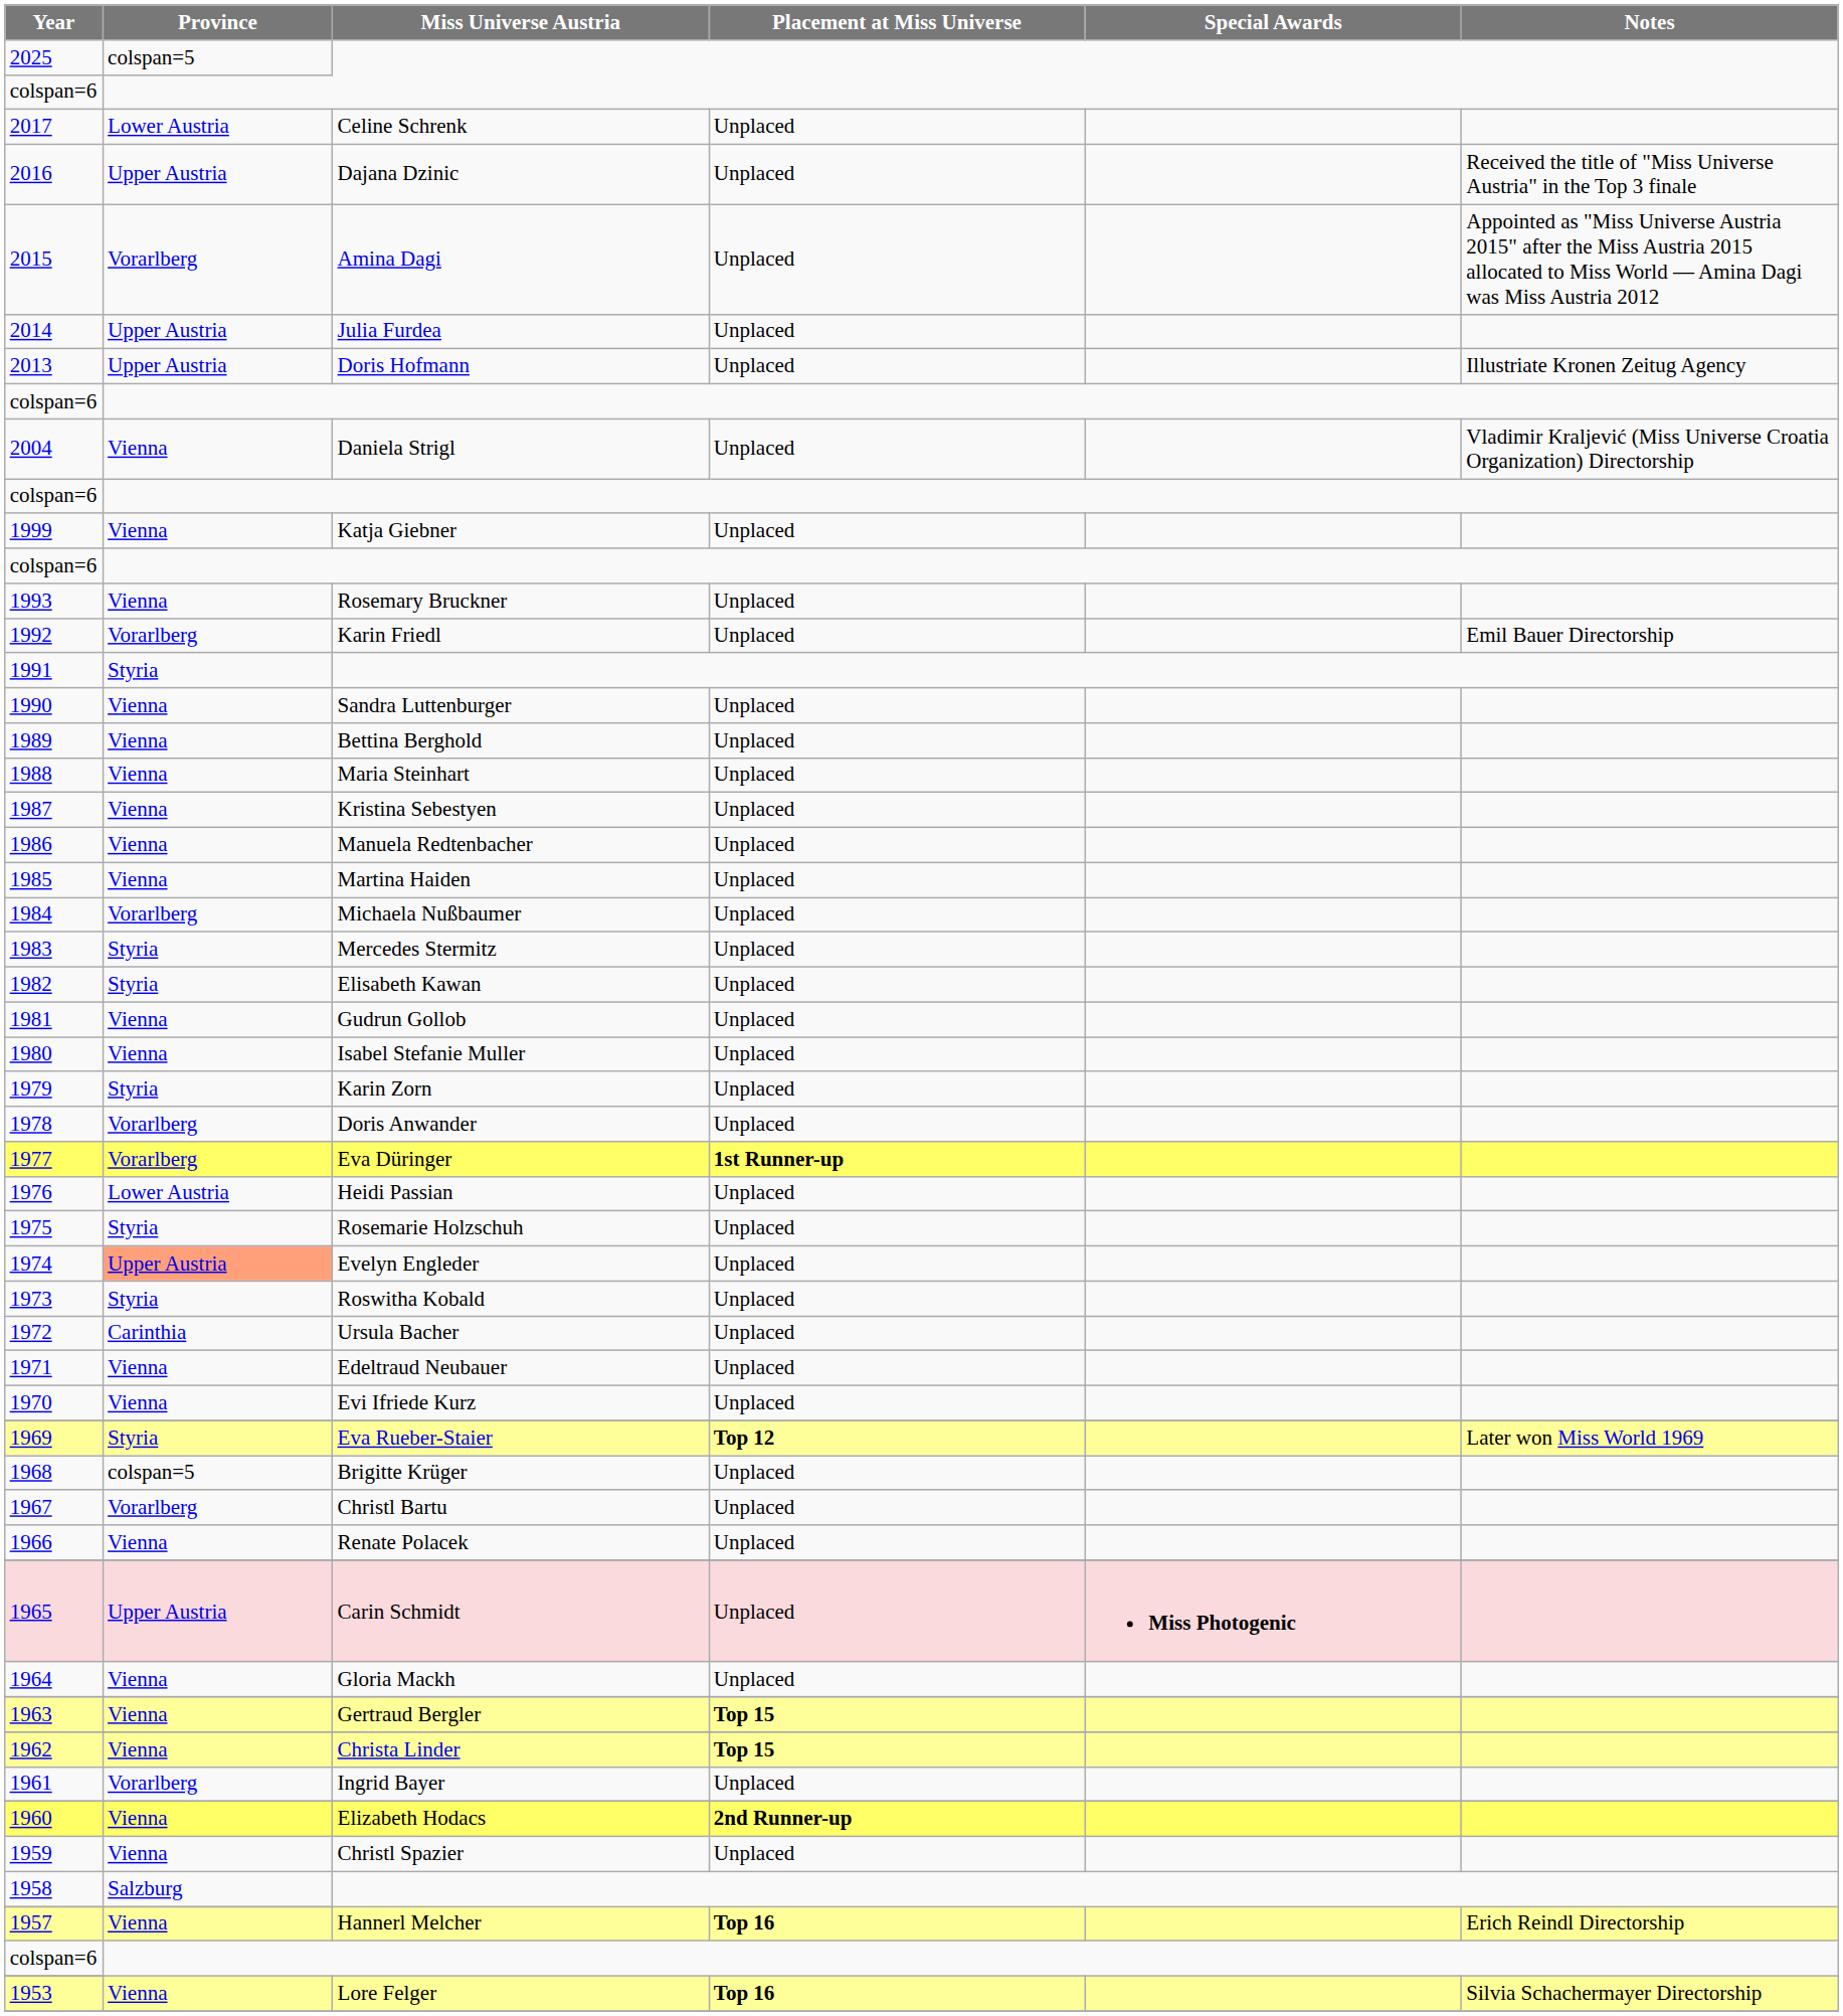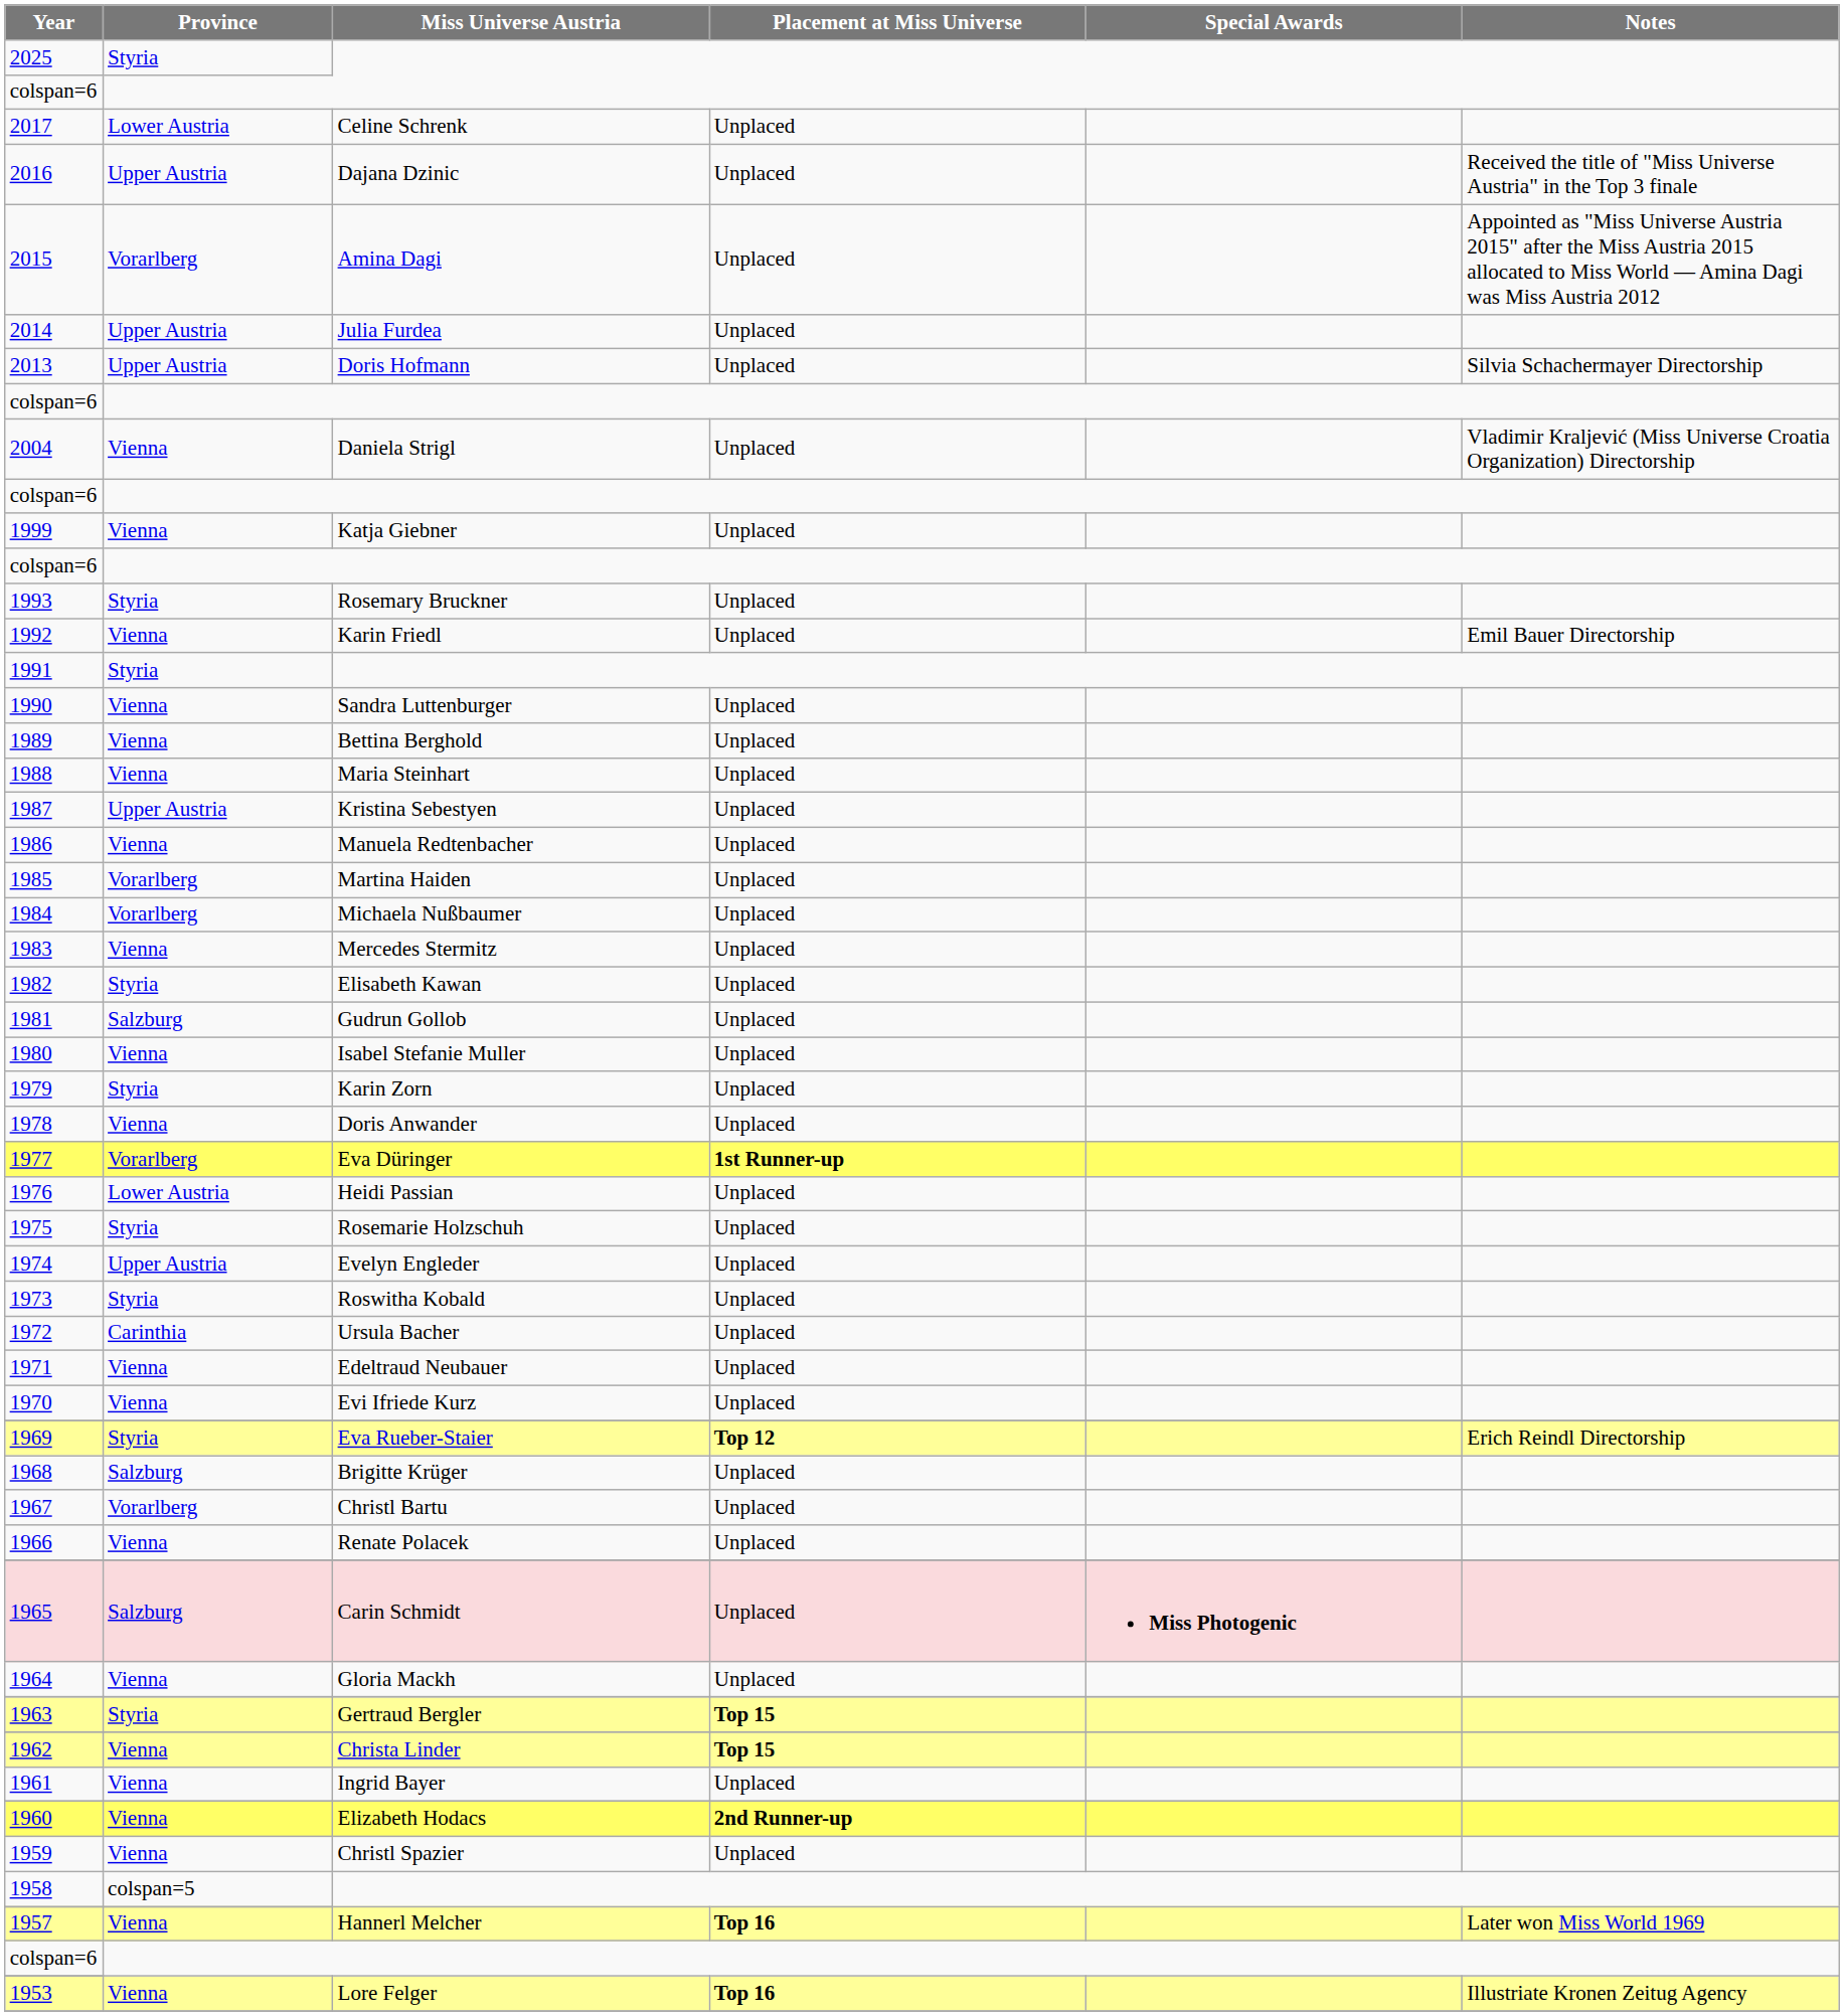 <table class="wikitable " style="font-size: 90%;">
 <tr>
 <th width="60" style="background-color:#787878;color:#FFFFFF;">Year</th>
 <th width="150" style="background-color:#787878;color:#FFFFFF;">Province</th>
 <th width="250" style="background-color:#787878;color:#FFFFFF;">Miss Universe Austria</th>
 <th width="250" style="background-color:#787878;color:#FFFFFF;">Placement at Miss Universe</th>
 <th width="250" style="background-color:#787878;color:#FFFFFF;">Special Awards</th>
 <th width="250" style="background-color:#787878;color:#FFFFFF;">Notes</th>
 </tr>
 <tr>
 <td><a href='#'>2025</a></td>
-<td>colspan=5 </td>
+<td><a href='#'>Styria</a></td>
 </tr>
 <tr>
 <td>colspan=6 </td>
 </tr>
 <tr>
 <td><a href='#'>2017</a></td>
 <td><a href='#'>Lower Austria</a></td>
 <td>Celine Schrenk</td>
 <td>Unplaced</td>
 <td></td>
 <td></td>
 </tr>
 <tr>
 <td><a href='#'>2016</a></td>
 <td><a href='#'>Upper Austria</a></td>
 <td>Dajana Dzinic</td>
 <td>Unplaced</td>
 <td></td>
 <td>Received the title of "Miss Universe Austria" in the Top 3 finale</td>
 </tr>
 <tr>
 <td><a href='#'>2015</a></td>
 <td><a href='#'>Vorarlberg</a></td>
 <td><a href='#'>Amina Dagi</a></td>
 <td>Unplaced</td>
 <td></td>
 <td>Appointed as "Miss Universe Austria 2015" after the Miss Austria 2015 allocated to Miss World — Amina Dagi was Miss Austria 2012</td>
 </tr>
 <tr>
 <td><a href='#'>2014</a></td>
 <td><a href='#'>Upper Austria</a></td>
 <td><a href='#'>Julia Furdea</a></td>
 <td>Unplaced</td>
 <td></td>
 <td></td>
 </tr>
 <tr>
 <td><a href='#'>2013</a></td>
 <td><a href='#'>Upper Austria</a></td>
 <td><a href='#'>Doris Hofmann</a></td>
 <td>Unplaced</td>
 <td></td>
-<td>Illustriate Kronen Zeitug Agency</td>
+<td>Silvia Schachermayer Directorship</td>
 </tr>
 <tr>
 <td>colspan=6 </td>
 </tr>
 <tr>
 <td><a href='#'>2004</a></td>
 <td><a href='#'>Vienna</a></td>
 <td>Daniela Strigl</td>
 <td>Unplaced</td>
 <td></td>
 <td>Vladimir Kraljević (Miss Universe Croatia Organization) Directorship</td>
 </tr>
 <tr>
 <td>colspan=6 </td>
 </tr>
 <tr>
 <td><a href='#'>1999</a></td>
 <td><a href='#'>Vienna</a></td>
 <td>Katja Giebner</td>
 <td>Unplaced</td>
 <td></td>
 <td></td>
 </tr>
 <tr>
 <td>colspan=6 </td>
 </tr>
 <tr>
 <td><a href='#'>1993</a></td>
-<td><a href='#'>Vienna</a></td>
+<td><a href='#'>Styria</a></td>
 <td>Rosemary Bruckner</td>
 <td>Unplaced</td>
 <td></td>
 <td></td>
 </tr>
 <tr>
 <td><a href='#'>1992</a></td>
-<td><a href='#'>Vorarlberg</a></td>
+<td><a href='#'>Vienna</a></td>
 <td>Karin Friedl</td>
 <td>Unplaced</td>
 <td></td>
 <td>Emil Bauer Directorship</td>
 </tr>
 <tr>
 <td><a href='#'>1991</a></td>
 <td><a href='#'>Styria</a></td>
 </tr>
 <tr>
 <td><a href='#'>1990</a></td>
 <td><a href='#'>Vienna</a></td>
 <td>Sandra Luttenburger</td>
 <td>Unplaced</td>
 <td></td>
 <td></td>
 </tr>
 <tr>
 <td><a href='#'>1989</a></td>
 <td><a href='#'>Vienna</a></td>
 <td>Bettina Berghold</td>
 <td>Unplaced</td>
 <td></td>
 <td></td>
 </tr>
 <tr>
 <td><a href='#'>1988</a></td>
 <td><a href='#'>Vienna</a></td>
 <td>Maria Steinhart</td>
 <td>Unplaced</td>
 <td></td>
 <td></td>
 </tr>
 <tr>
 <td><a href='#'>1987</a></td>
-<td><a href='#'>Vienna</a></td>
+<td><a href='#'>Upper Austria</a></td>
 <td>Kristina Sebestyen</td>
 <td>Unplaced</td>
 <td></td>
 <td></td>
 </tr>
 <tr>
 <td><a href='#'>1986</a></td>
 <td><a href='#'>Vienna</a></td>
 <td>Manuela Redtenbacher</td>
 <td>Unplaced</td>
 <td></td>
 <td></td>
 </tr>
 <tr>
 <td><a href='#'>1985</a></td>
-<td><a href='#'>Vienna</a></td>
+<td><a href='#'>Vorarlberg</a></td>
 <td>Martina Haiden</td>
 <td>Unplaced</td>
 <td></td>
 <td></td>
 </tr>
 <tr>
 <td><a href='#'>1984</a></td>
 <td><a href='#'>Vorarlberg</a></td>
 <td>Michaela Nußbaumer</td>
 <td>Unplaced</td>
 <td></td>
 <td></td>
 </tr>
 <tr>
 <td><a href='#'>1983</a></td>
-<td><a href='#'>Styria</a></td>
+<td><a href='#'>Vienna</a></td>
 <td>Mercedes Stermitz</td>
 <td>Unplaced</td>
 <td></td>
 <td></td>
 </tr>
 <tr>
 <td><a href='#'>1982</a></td>
 <td><a href='#'>Styria</a></td>
 <td>Elisabeth Kawan</td>
 <td>Unplaced</td>
 <td></td>
 <td></td>
 </tr>
 <tr>
 <td><a href='#'>1981</a></td>
-<td><a href='#'>Vienna</a></td>
+<td><a href='#'>Salzburg</a></td>
 <td>Gudrun Gollob</td>
 <td>Unplaced</td>
 <td></td>
 <td></td>
 </tr>
 <tr>
 <td><a href='#'>1980</a></td>
 <td><a href='#'>Vienna</a></td>
 <td>Isabel Stefanie Muller</td>
 <td>Unplaced</td>
 <td></td>
 <td></td>
 </tr>
 <tr>
 <td><a href='#'>1979</a></td>
 <td><a href='#'>Styria</a></td>
 <td>Karin Zorn</td>
 <td>Unplaced</td>
 <td></td>
 <td></td>
 </tr>
 <tr>
 <td><a href='#'>1978</a></td>
-<td><a href='#'>Vorarlberg</a></td>
+<td><a href='#'>Vienna</a></td>
 <td>Doris Anwander</td>
 <td>Unplaced</td>
 <td></td>
 <td></td>
 </tr>
 <tr style="background-color:#FFFF66;">
 <td><a href='#'>1977</a></td>
 <td><a href='#'>Vorarlberg</a></td>
 <td>Eva Düringer</td>
 <td><strong>1st Runner-up</strong></td>
 <td></td>
 <td></td>
 </tr>
 <tr>
 <td><a href='#'>1976</a></td>
 <td><a href='#'>Lower Austria</a></td>
 <td>Heidi Passian</td>
 <td>Unplaced</td>
 <td></td>
 <td></td>
 </tr>
 <tr>
 <td><a href='#'>1975</a></td>
 <td><a href='#'>Styria</a></td>
 <td>Rosemarie Holzschuh</td>
 <td>Unplaced</td>
 <td></td>
 <td></td>
 </tr>
 <tr>
 <td><a href='#'>1974</a></td>
-<td style="background: lightsalmon;"><a href='#'>Upper Austria</a></td>
+<td><a href='#'>Upper Austria</a></td>
 <td>Evelyn Engleder</td>
 <td>Unplaced</td>
 <td></td>
 <td></td>
 </tr>
 <tr>
 <td><a href='#'>1973</a></td>
 <td><a href='#'>Styria</a></td>
 <td>Roswitha Kobald</td>
 <td>Unplaced</td>
 <td></td>
 <td></td>
 </tr>
 <tr>
 <td><a href='#'>1972</a></td>
 <td><a href='#'>Carinthia</a></td>
 <td>Ursula Bacher</td>
 <td>Unplaced</td>
 <td></td>
 <td></td>
 </tr>
 <tr>
 <td><a href='#'>1971</a></td>
 <td><a href='#'>Vienna</a></td>
 <td>Edeltraud Neubauer</td>
 <td>Unplaced</td>
 <td></td>
 <td></td>
 </tr>
 <tr>
 <td><a href='#'>1970</a></td>
 <td><a href='#'>Vienna</a></td>
 <td>Evi Ifriede Kurz</td>
 <td>Unplaced</td>
 <td></td>
 <td></td>
 </tr>
 <tr>
 </tr>
 <tr style="background-color:#FFFF99;">
 <td><a href='#'>1969</a></td>
 <td><a href='#'>Styria</a></td>
 <td><a href='#'>Eva Rueber-Staier</a></td>
 <td><strong>Top 12</strong></td>
 <td></td>
-<td>Later won <a href='#'>Miss World 1969</a></td>
+<td>Erich Reindl Directorship</td>
 </tr>
 <tr>
 <td><a href='#'>1968</a></td>
-<td>colspan=5 </td>
+<td><a href='#'>Salzburg</a></td>
 <td>Brigitte Krüger</td>
 <td>Unplaced</td>
 <td></td>
 <td></td>
 </tr>
 <tr>
 <td><a href='#'>1967</a></td>
 <td><a href='#'>Vorarlberg</a></td>
 <td>Christl Bartu</td>
 <td>Unplaced</td>
 <td></td>
 <td></td>
 </tr>
 <tr>
 <td><a href='#'>1966</a></td>
 <td><a href='#'>Vienna</a></td>
 <td>Renate Polacek</td>
 <td>Unplaced</td>
 <td></td>
 <td></td>
 </tr>
 <tr>
 </tr>
 <tr style="background-color:#FADADD; ">
 <td><a href='#'>1965</a></td>
-<td><a href='#'>Upper Austria</a></td>
+<td><a href='#'>Salzburg</a></td>
 <td>Carin Schmidt</td>
 <td>Unplaced</td>
 <td align="left"><br><ul><li><strong>Miss Photogenic</strong></li></ul></td>
 <td></td>
 </tr>
 <tr>
 <td><a href='#'>1964</a></td>
 <td><a href='#'>Vienna</a></td>
 <td>Gloria Mackh</td>
 <td>Unplaced</td>
 <td></td>
 <td></td>
 </tr>
 <tr>
 </tr>
 <tr style="background-color:#FFFF99;">
 <td><a href='#'>1963</a></td>
-<td><a href='#'>Vienna</a></td>
+<td><a href='#'>Styria</a></td>
 <td>Gertraud Bergler</td>
 <td><strong>Top 15</strong></td>
 <td></td>
 <td></td>
 </tr>
 <tr>
 </tr>
 <tr style="background-color:#FFFF99; ">
 <td><a href='#'>1962</a></td>
 <td><a href='#'>Vienna</a></td>
 <td><a href='#'>Christa Linder</a></td>
 <td><strong>Top 15</strong></td>
 <td></td>
 <td></td>
 </tr>
 <tr>
 <td><a href='#'>1961</a></td>
-<td><a href='#'>Vorarlberg</a></td>
+<td><a href='#'>Vienna</a></td>
 <td>Ingrid Bayer</td>
 <td>Unplaced</td>
 <td></td>
 <td></td>
 </tr>
 <tr>
 </tr>
 <tr style="background-color:#FFFF66;">
 <td><a href='#'>1960</a></td>
 <td><a href='#'>Vienna</a></td>
 <td>Elizabeth Hodacs</td>
 <td><strong>2nd Runner-up</strong></td>
 <td></td>
 <td></td>
 </tr>
 <tr>
 <td><a href='#'>1959</a></td>
 <td><a href='#'>Vienna</a></td>
 <td>Christl Spazier</td>
 <td>Unplaced</td>
 <td></td>
 <td></td>
 </tr>
 <tr>
 <td><a href='#'>1958</a></td>
-<td><a href='#'>Salzburg</a></td>
+<td>colspan=5 </td>
 </tr>
 <tr>
 </tr>
 <tr style="background-color:#FFFF99;">
 <td><a href='#'>1957</a></td>
 <td><a href='#'>Vienna</a></td>
 <td>Hannerl Melcher</td>
 <td><strong>Top 16</strong></td>
 <td></td>
-<td>Erich Reindl Directorship</td>
+<td>Later won <a href='#'>Miss World 1969</a></td>
 </tr>
 <tr>
 <td>colspan=6 </td>
 </tr>
 <tr>
 </tr>
 <tr style="background-color:#FFFF99; ">
 <td><a href='#'>1953</a></td>
 <td><a href='#'>Vienna</a></td>
 <td>Lore Felger</td>
 <td><strong>Top 16</strong></td>
 <td></td>
-<td>Silvia Schachermayer Directorship</td>
+<td>Illustriate Kronen Zeitug Agency</td>
 </tr>
 <tr>
 </tr>
 </table>
